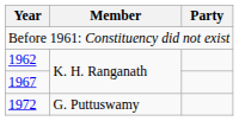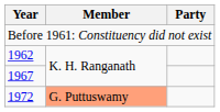 <table class="wikitable sortable">
 <tr>
 <th>Year</th>
 <th>Member</th>
 <th colspan="2">Party</th>
 </tr>
 <tr>
 <td colspan=4>Before 1961: <em>Constituency did not exist</em></td>
 </tr>
 <tr>
 <td><a href='#'>1962</a></td>
 <td rowspan="2">K. H. Ranganath</td>
 <td></td>
 </tr>
 <tr>
 <td><a href='#'>1967</a></td>
 </tr>
 <tr>
 <td><a href='#'>1972</a></td>
-<td>G. Puttuswamy</td>
+<td style="background: lightsalmon;">G. Puttuswamy</td>
 <td></td>
 </tr>
 </table>
